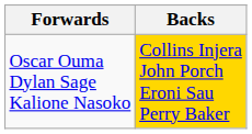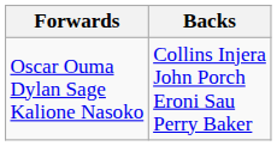 <table class=wikitable style="text-align: left;">
 <tr>
 <th align=center>Forwards</th>
 <th align=center>Backs</th>
 </tr>
 <tr>
 <td> <a href='#'>Oscar Ouma</a> <br>  <a href='#'>Dylan Sage</a> <br>  <a href='#'>Kalione Nasoko</a></td>
-<td style="background: gold;"> <a href='#'>Collins Injera</a> <br>  <a href='#'>John Porch</a> <br>  <a href='#'>Eroni Sau</a> <br>  <a href='#'>Perry Baker</a></td>
+<td> <a href='#'>Collins Injera</a> <br>  <a href='#'>John Porch</a> <br>  <a href='#'>Eroni Sau</a> <br>  <a href='#'>Perry Baker</a></td>
 </tr>
 </table>
